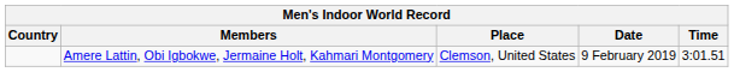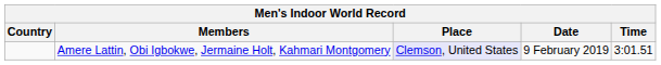 <table class=wikitable>
 <tr>
 <th colspan=5>Men's Indoor World Record</th>
 </tr>
 <tr>
 <th>Country</th>
 <th>Members</th>
 <th>Place</th>
 <th>Date</th>
 <th>Time</th>
 </tr>
 <tr>
 <td></td>
 <td><a href='#'>Amere Lattin</a>, <a href='#'>Obi Igbokwe</a>, <a href='#'>Jermaine Holt</a>, <a href='#'>Kahmari Montgomery</a></td>
-<td><a href='#'>Clemson</a>, United States</td>
+<td style="background: lavender;"><a href='#'>Clemson</a>, United States</td>
 <td>9 February 2019</td>
 <td>3:01.51</td>
 </tr>
 </table>
